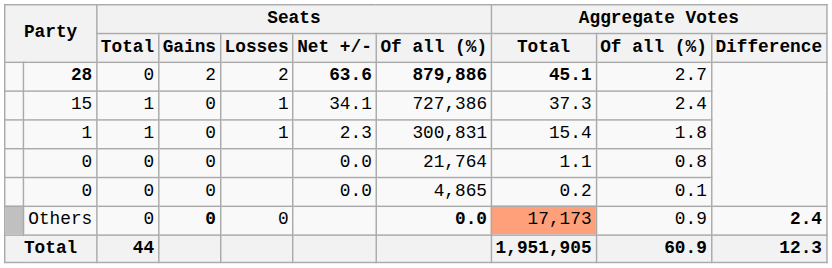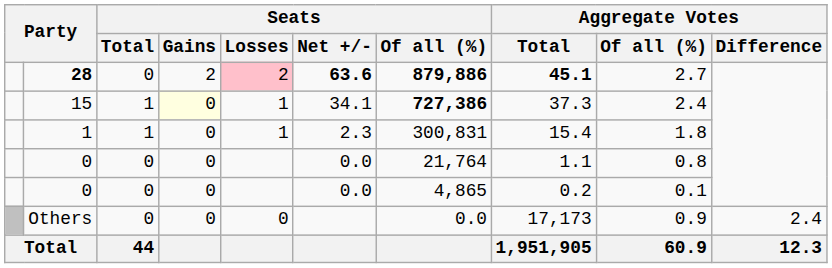 <table class="wikitable sortable" style="text-align:right; font-size:95%;">
 <tr>
 <th colspan="2" rowspan="2">Party</th>
 <th colspan="5">Seats</th>
 <th colspan="3">Aggregate Votes</th>
 </tr>
 <tr>
 <th>Total</th>
 <th>Gains</th>
 <th>Losses</th>
 <th>Net +/-</th>
 <th>Of all (%)</th>
 <th>Total</th>
 <th>Of all (%)</th>
 <th>Difference</th>
 </tr>
 <tr>
 <td></td>
 <td><strong>28</strong></td>
 <td>0</td>
 <td>2</td>
-<td>2</td>
+<td style="background: pink;">2</td>
 <td><strong>63.6</strong></td>
 <td><strong>879,886</strong></td>
 <td><strong>45.1</strong></td>
 <td>2.7</td>
 </tr>
 <tr>
 <td></td>
 <td>15</td>
 <td>1</td>
-<td>0</td>
+<td style="background: lightyellow;">0</td>
 <td>1</td>
 <td>34.1</td>
-<td>727,386</td>
+<td><strong>727,386</strong></td>
 <td>37.3</td>
 <td>2.4</td>
 </tr>
 <tr>
 <td></td>
 <td>1</td>
 <td>1</td>
 <td>0</td>
 <td>1</td>
 <td>2.3</td>
 <td>300,831</td>
 <td>15.4</td>
 <td>1.8</td>
 </tr>
 <tr>
 <td></td>
 <td>0</td>
 <td>0</td>
 <td>0</td>
 <td></td>
 <td>0.0</td>
 <td>21,764</td>
 <td>1.1</td>
 <td>0.8</td>
 </tr>
 <tr>
 <td></td>
 <td>0</td>
 <td>0</td>
 <td>0</td>
 <td></td>
 <td>0.0</td>
 <td>4,865</td>
 <td>0.2</td>
 <td>0.1</td>
 </tr>
 <tr>
 <td style="background:silver;"> </td>
 <td align=left>Others</td>
 <td>0</td>
-<td><strong>0</strong></td>
+<td>0</td>
 <td>0</td>
 <td></td>
-<td><strong>0.0</strong></td>
-<td style="background: lightsalmon;">17,173</td>
+<td>0.0</td>
+<td>17,173</td>
 <td>0.9</td>
-<td><strong>2.4</strong></td>
+<td>2.4</td>
 </tr>
 <tr class="sortbottom">
 <th colspan="2" style="background:#f2f2f2"><strong>Total</strong></th>
 <td style="background:#f2f2f2;"><strong>44</strong></td>
 <td style="background:#f2f2f2;"></td>
 <td style="background:#f2f2f2;"></td>
 <td style="background:#f2f2f2;"></td>
 <td style="background:#f2f2f2;"></td>
 <td style="background:#f2f2f2;"><strong>1,951,905</strong></td>
 <td style="background:#f2f2f2;"><strong>60.9</strong></td>
 <td style="background:#f2f2f2;"><strong>12.3</strong></td>
 </tr>
 </table>
